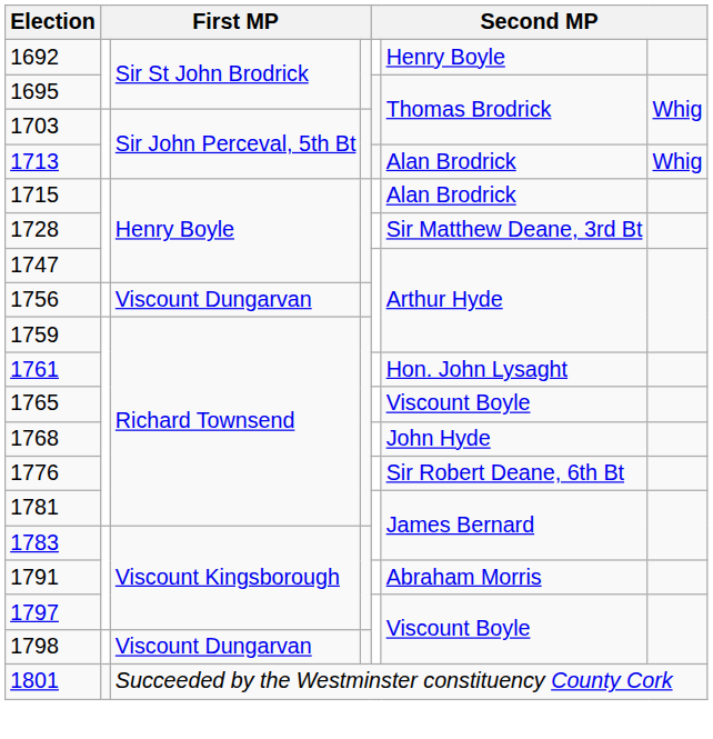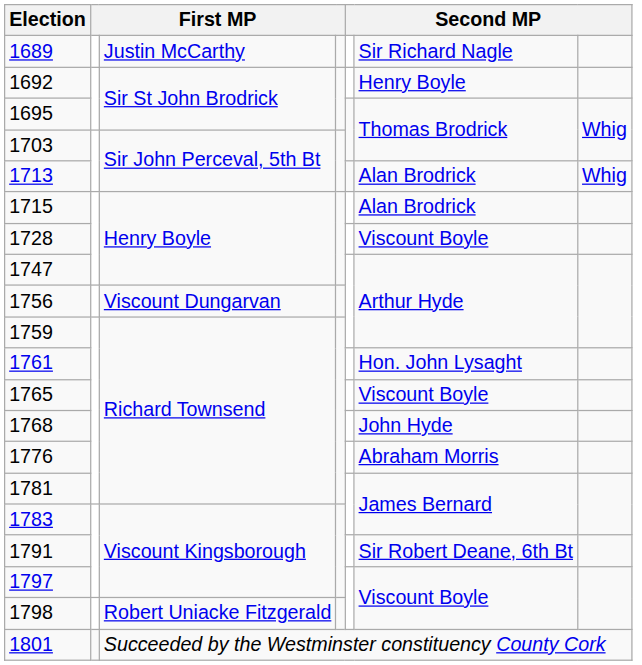 <table class="wikitable">
 <tr>
 <th>Election</th>
 <th colspan=3>First MP</th>
 <th colspan=3>Second MP</th>
+</tr>
+<tr>
+<td><a href='#'>1689</a></td>
+<td style="background-color: white"></td>
+<td><a href='#'>Justin McCarthy</a></td>
+<td></td>
+<td style="background-color: white"></td>
+<td><a href='#'>Sir Richard Nagle</a> </td>
+<td></td>
 </tr>
 <tr>
 <td>1692</td>
 <td rowspan="2" style="background-color: white"></td>
 <td rowspan="2"><a href='#'>Sir St John Brodrick</a> </td>
 <td rowspan="2"></td>
 <td style="background-color: white"></td>
 <td><a href='#'>Henry Boyle</a></td>
 <td></td>
 </tr>
 <tr>
 <td>1695</td>
 <td rowspan="2" style="background-color: "></td>
 <td rowspan="2"><a href='#'>Thomas Brodrick</a></td>
 <td rowspan="2"><a href='#'>Whig</a></td>
 </tr>
 <tr>
 <td>1703</td>
 <td rowspan="2" style="background-color: white"></td>
 <td rowspan="2"><a href='#'>Sir John Perceval, 5th Bt</a></td>
 <td rowspan="2"></td>
 </tr>
 <tr>
 <td><a href='#'>1713</a></td>
 <td style="background-color: "></td>
 <td><a href='#'>Alan Brodrick</a></td>
 <td><a href='#'>Whig</a></td>
 </tr>
 <tr>
 <td>1715</td>
 <td rowspan="3" style="background-color: white"></td>
 <td rowspan="3"><a href='#'>Henry Boyle</a></td>
 <td rowspan="3"></td>
 <td style="background-color: white"></td>
 <td><a href='#'>Alan Brodrick</a></td>
 <td></td>
 </tr>
 <tr>
 <td>1728</td>
 <td style="background-color: white"></td>
-<td><a href='#'>Sir Matthew Deane, 3rd Bt</a></td>
+<td><a href='#'>Viscount Boyle</a></td>
 <td></td>
 </tr>
 <tr>
 <td>1747</td>
 <td rowspan="3" style="background-color: white"></td>
 <td rowspan="3"><a href='#'>Arthur Hyde</a></td>
 <td rowspan="3"></td>
 </tr>
 <tr>
 <td>1756</td>
 <td style="background-color: white"></td>
 <td><a href='#'>Viscount Dungarvan</a></td>
 <td></td>
 </tr>
 <tr>
 <td>1759</td>
 <td rowspan="6" style="background-color: white"></td>
 <td rowspan="6"><a href='#'>Richard Townsend</a></td>
 <td rowspan="6"></td>
 </tr>
 <tr>
 <td><a href='#'>1761</a></td>
 <td style="background-color: white"></td>
 <td><a href='#'>Hon. John Lysaght</a></td>
 <td></td>
 </tr>
 <tr>
 <td>1765</td>
 <td style="background-color: white"></td>
 <td><a href='#'>Viscount Boyle</a></td>
 <td></td>
 </tr>
 <tr>
 <td>1768</td>
 <td style="background-color: white"></td>
 <td><a href='#'>John Hyde</a></td>
 <td></td>
 </tr>
 <tr>
 <td>1776</td>
 <td style="background-color: white"></td>
-<td><a href='#'>Sir Robert Deane, 6th Bt</a></td>
+<td><a href='#'>Abraham Morris</a></td>
 <td></td>
 </tr>
 <tr>
 <td>1781</td>
 <td rowspan="2" style="background-color: white"></td>
 <td rowspan="2"><a href='#'>James Bernard</a></td>
 <td rowspan="2"></td>
 </tr>
 <tr>
 <td><a href='#'>1783</a></td>
 <td rowspan="3" style="background-color: white"></td>
 <td rowspan="3"><a href='#'>Viscount Kingsborough</a></td>
 <td rowspan="3"></td>
 </tr>
 <tr>
 <td>1791</td>
 <td style="background-color: white"></td>
-<td><a href='#'>Abraham Morris</a></td>
+<td><a href='#'>Sir Robert Deane, 6th Bt</a></td>
 <td></td>
 </tr>
 <tr>
 <td><a href='#'>1797</a></td>
 <td rowspan="2" style="background-color: white"></td>
 <td rowspan="2"><a href='#'>Viscount Boyle</a></td>
 <td rowspan="2"></td>
 </tr>
 <tr>
 <td>1798</td>
 <td style="background-color: white"></td>
-<td><a href='#'>Viscount Dungarvan</a></td>
+<td><a href='#'>Robert Uniacke Fitzgerald</a></td>
 <td></td>
 </tr>
 <tr>
 <td><a href='#'>1801</a></td>
 <td></td>
 <td colspan="5"><em>Succeeded by the Westminster constituency <a href='#'>County Cork</a></em></td>
 </tr>
 </table>
